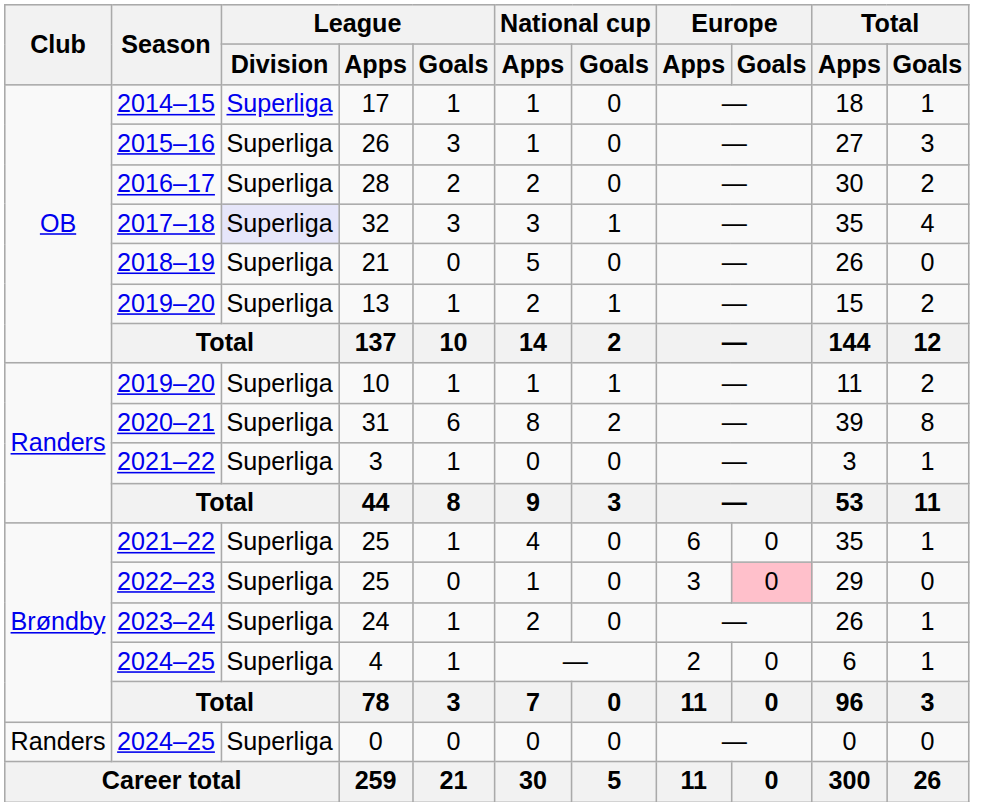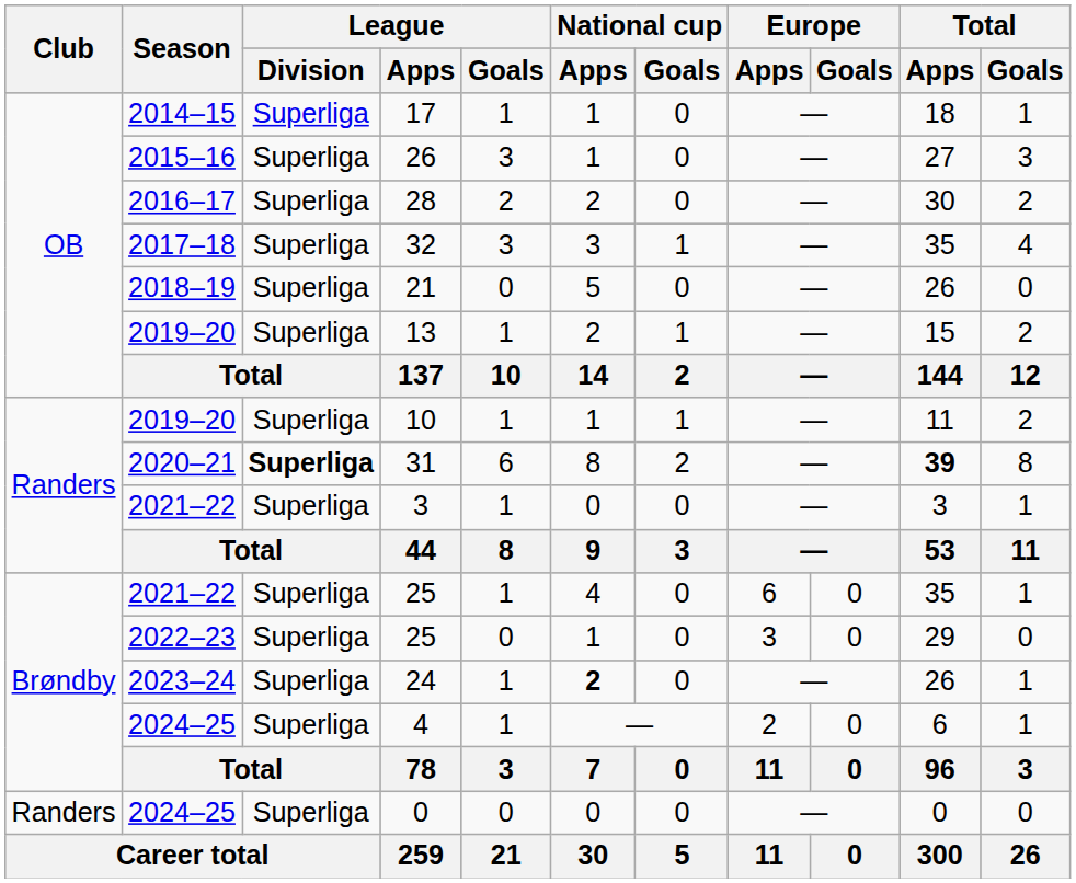 <table class="wikitable" style="text-align:center">
 <tr>
 <th rowspan="2">Club</th>
 <th rowspan="2">Season</th>
 <th colspan="3">League</th>
 <th colspan="2">National cup</th>
 <th colspan="2">Europe</th>
 <th colspan="2">Total</th>
 </tr>
 <tr>
 <th>Division</th>
 <th>Apps</th>
 <th>Goals</th>
 <th>Apps</th>
 <th>Goals</th>
 <th>Apps</th>
 <th>Goals</th>
 <th>Apps</th>
 <th>Goals</th>
 </tr>
 <tr>
 <td rowspan="7"><a href='#'>OB</a></td>
 <td><a href='#'>2014–15</a></td>
 <td><a href='#'>Superliga</a></td>
 <td>17</td>
 <td>1</td>
 <td>1</td>
 <td>0</td>
 <td colspan="2">—</td>
 <td>18</td>
 <td>1</td>
 </tr>
 <tr>
 <td><a href='#'>2015–16</a></td>
 <td>Superliga</td>
 <td>26</td>
 <td>3</td>
 <td>1</td>
 <td>0</td>
 <td colspan="2">—</td>
 <td>27</td>
 <td>3</td>
 </tr>
 <tr>
 <td><a href='#'>2016–17</a></td>
 <td>Superliga</td>
 <td>28</td>
 <td>2</td>
 <td>2</td>
 <td>0</td>
 <td colspan="2">—</td>
 <td>30</td>
 <td>2</td>
 </tr>
 <tr>
 <td><a href='#'>2017–18</a></td>
-<td style="background: lavender;">Superliga</td>
+<td>Superliga</td>
 <td>32</td>
 <td>3</td>
 <td>3</td>
 <td>1</td>
 <td colspan="2">—</td>
 <td>35</td>
 <td>4</td>
 </tr>
 <tr>
 <td><a href='#'>2018–19</a></td>
 <td>Superliga</td>
 <td>21</td>
 <td>0</td>
 <td>5</td>
 <td>0</td>
 <td colspan="2">—</td>
 <td>26</td>
 <td>0</td>
 </tr>
 <tr>
 <td><a href='#'>2019–20</a></td>
 <td>Superliga</td>
 <td>13</td>
 <td>1</td>
 <td>2</td>
 <td>1</td>
 <td colspan="2">—</td>
 <td>15</td>
 <td>2</td>
 </tr>
 <tr>
 <th colspan="2">Total</th>
 <th>137</th>
 <th>10</th>
 <th>14</th>
 <th>2</th>
 <th colspan="2">—</th>
 <th>144</th>
 <th>12</th>
 </tr>
 <tr>
 <td rowspan="4"><a href='#'>Randers</a></td>
 <td><a href='#'>2019–20</a></td>
 <td>Superliga</td>
 <td>10</td>
 <td>1</td>
 <td>1</td>
 <td>1</td>
 <td colspan="2">—</td>
 <td>11</td>
 <td>2</td>
 </tr>
 <tr>
 <td><a href='#'>2020–21</a></td>
-<td>Superliga</td>
+<td><strong>Superliga</strong></td>
 <td>31</td>
 <td>6</td>
 <td>8</td>
 <td>2</td>
 <td colspan="2">—</td>
-<td>39</td>
+<td><strong>39</strong></td>
 <td>8</td>
 </tr>
 <tr>
 <td><a href='#'>2021–22</a></td>
 <td>Superliga</td>
 <td>3</td>
 <td>1</td>
 <td>0</td>
 <td>0</td>
 <td colspan="2">—</td>
 <td>3</td>
 <td>1</td>
 </tr>
 <tr>
 <th colspan="2">Total</th>
 <th>44</th>
 <th>8</th>
 <th>9</th>
 <th>3</th>
 <th colspan="2">—</th>
 <th>53</th>
 <th>11</th>
 </tr>
 <tr>
 <td rowspan="5"><a href='#'>Brøndby</a></td>
 <td><a href='#'>2021–22</a></td>
 <td>Superliga</td>
 <td>25</td>
 <td>1</td>
 <td>4</td>
 <td>0</td>
 <td>6</td>
 <td>0</td>
 <td>35</td>
 <td>1</td>
 </tr>
 <tr>
 <td><a href='#'>2022–23</a></td>
 <td>Superliga</td>
 <td>25</td>
 <td>0</td>
 <td>1</td>
 <td>0</td>
 <td>3</td>
-<td style="background: pink;">0</td>
+<td>0</td>
 <td>29</td>
 <td>0</td>
 </tr>
 <tr>
 <td><a href='#'>2023–24</a></td>
 <td>Superliga</td>
 <td>24</td>
 <td>1</td>
-<td>2</td>
+<td><strong>2</strong></td>
 <td>0</td>
 <td colspan="2">—</td>
 <td>26</td>
 <td>1</td>
 </tr>
 <tr>
 <td><a href='#'>2024–25</a></td>
 <td>Superliga</td>
 <td>4</td>
 <td>1</td>
 <td colspan="2">—</td>
 <td>2</td>
 <td>0</td>
 <td>6</td>
 <td>1</td>
 </tr>
 <tr>
 <th colspan="2">Total</th>
 <th>78</th>
 <th>3</th>
 <th>7</th>
 <th>0</th>
 <th>11</th>
 <th>0</th>
 <th>96</th>
 <th>3</th>
 </tr>
 <tr>
 <td rowspan="1">Randers</td>
 <td><a href='#'>2024–25</a></td>
 <td>Superliga</td>
 <td>0</td>
 <td>0</td>
 <td>0</td>
 <td>0</td>
 <td colspan="2">—</td>
 <td>0</td>
 <td>0</td>
 </tr>
 <tr>
 <th colspan="3">Career total</th>
 <th>259</th>
 <th>21</th>
 <th>30</th>
 <th>5</th>
 <th>11</th>
 <th>0</th>
 <th>300</th>
 <th>26</th>
 </tr>
 </table>
